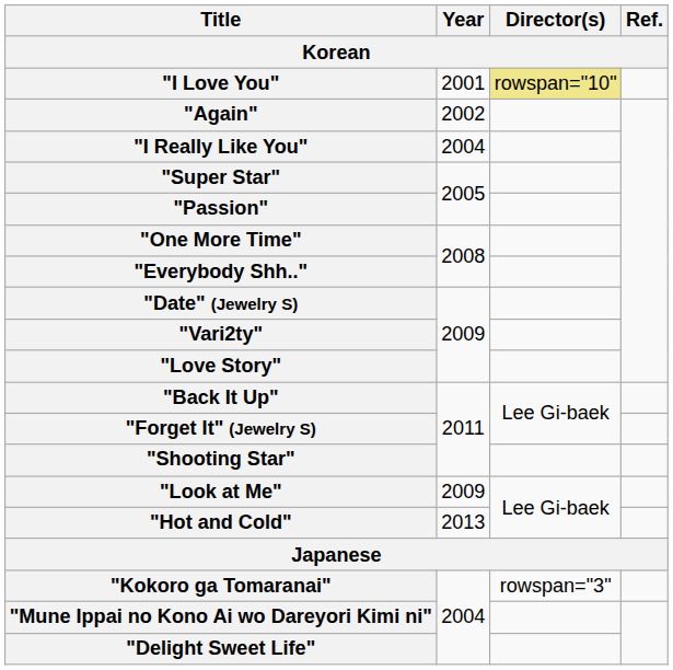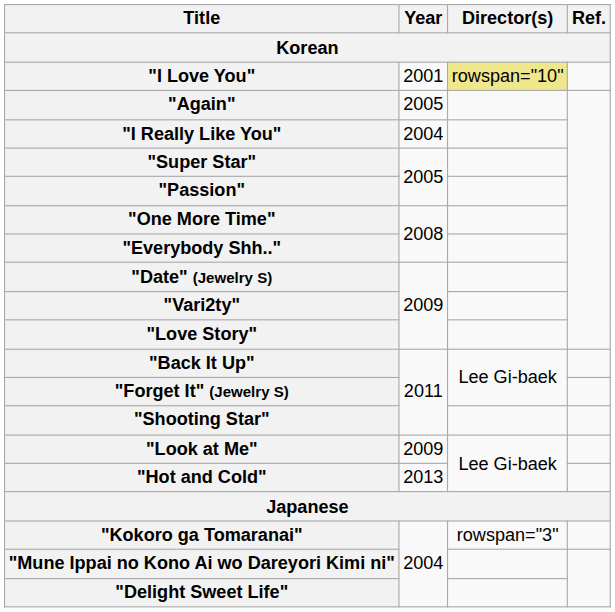 <table class="wikitable plainrowheaders" style="text-align:center;">
 <tr>
 <th scope="col">Title</th>
 <th scope="col">Year</th>
 <th scope="col">Director(s)</th>
 <th scope="col">Ref.</th>
 </tr>
 <tr>
 <th scope="col" colspan="4">Korean</th>
 </tr>
 <tr>
 <th scope="row">"I Love You"</th>
 <td>2001</td>
 <td style="background: khaki;">rowspan="10" </td>
 <td></td>
 </tr>
 <tr>
 <th scope="row">"Again"</th>
-<td>2002</td>
+<td>2005</td>
 <td></td>
 </tr>
 <tr>
 <th scope="row">"I Really Like You"</th>
 <td>2004</td>
 <td></td>
 </tr>
 <tr>
 <th scope="row">"Super Star"</th>
 <td rowspan="2">2005</td>
 <td></td>
 </tr>
 <tr>
 <th scope="row">"Passion"</th>
 <td></td>
 </tr>
 <tr>
 <th scope="row">"One More Time"</th>
 <td rowspan="2">2008</td>
 <td></td>
 </tr>
 <tr>
 <th scope="row">"Everybody Shh.."</th>
 <td></td>
 </tr>
 <tr>
 <th scope="row">"Date" <small>(Jewelry S)</small></th>
 <td rowspan="3">2009</td>
 <td></td>
 </tr>
 <tr>
 <th scope="row">"Vari2ty"</th>
 <td></td>
 </tr>
 <tr>
 <th scope="row">"Love Story"</th>
 <td></td>
 </tr>
 <tr>
 <th scope="row">"Back It Up"</th>
 <td rowspan="3">2011</td>
 <td rowspan="2">Lee Gi-baek</td>
 <td></td>
 </tr>
 <tr>
 <th scope="row">"Forget It" <small>(Jewelry S)</small></th>
 <td></td>
 </tr>
 <tr>
 <th scope="row">"Shooting Star"</th>
 <td></td>
 <td></td>
 </tr>
 <tr>
 <th scope="row">"Look at Me"</th>
 <td>2009</td>
 <td rowspan="2">Lee Gi-baek</td>
 <td></td>
 </tr>
 <tr>
 <th scope="row">"Hot and Cold"</th>
 <td>2013</td>
 <td></td>
 </tr>
 <tr>
 <th scope="col" colspan="4">Japanese</th>
 </tr>
 <tr>
 <th scope="row">"Kokoro ga Tomaranai"</th>
 <td rowspan="3">2004</td>
 <td>rowspan="3" </td>
 <td></td>
 </tr>
 <tr>
 <th scope="row">"Mune Ippai no Kono Ai wo Dareyori Kimi ni"</th>
 <td></td>
 </tr>
 <tr>
 <th scope="row">"Delight Sweet Life"</th>
 <td></td>
 </tr>
 </table>
